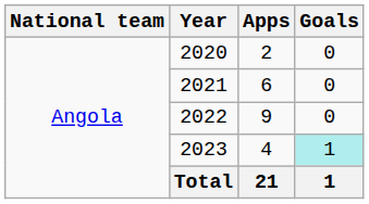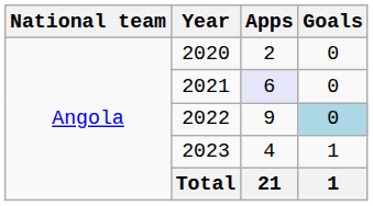 <table class="wikitable" style="text-align:center">
 <tr>
 <th>National team</th>
 <th>Year</th>
 <th>Apps</th>
 <th>Goals</th>
 </tr>
 <tr>
 <td rowspan="7"><a href='#'>Angola</a></td>
 <td>2020</td>
 <td>2</td>
 <td>0</td>
 </tr>
 <tr>
 <td>2021</td>
-<td>6</td>
+<td style="background: lavender;">6</td>
 <td>0</td>
 </tr>
 <tr>
 <td>2022</td>
 <td>9</td>
-<td>0</td>
+<td style="background: lightblue;">0</td>
 </tr>
 <tr>
 <td>2023</td>
 <td>4</td>
-<td style="background: paleturquoise;">1</td>
+<td>1</td>
 </tr>
 <tr>
 <th>Total</th>
 <th>21</th>
 <th>1</th>
 </tr>
 </table>
